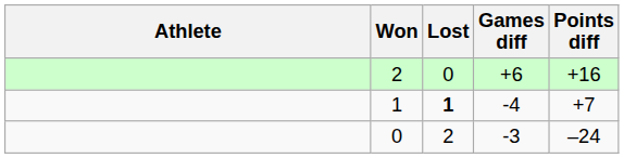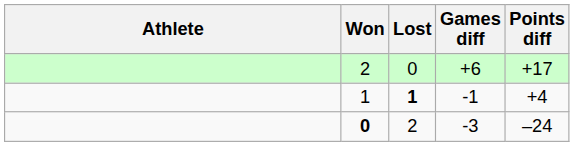 <table class="wikitable">
 <tr>
 <th style="width:18em">Athlete</th>
 <th>Won</th>
 <th>Lost</th>
 <th>Games<br>diff</th>
 <th>Points<br>diff</th>
 </tr>
 <tr bgcolor="#ccffcc">
 <td></td>
 <td align="center">2</td>
 <td align="center">0</td>
 <td align="center">+6</td>
-<td align="center">+16</td>
+<td align="center">+17</td>
 </tr>
 <tr>
 <td></td>
 <td align="center">1</td>
 <td align="center"><strong>1</strong></td>
-<td align="center">-4</td>
-<td align="center">+7</td>
+<td align="center">-1</td>
+<td align="center">+4</td>
 </tr>
 <tr>
 <td></td>
-<td align="center">0</td>
+<td align="center"><strong>0</strong></td>
 <td align="center">2</td>
 <td align="center">-3</td>
 <td align="center">–24</td>
 </tr>
 </table>
